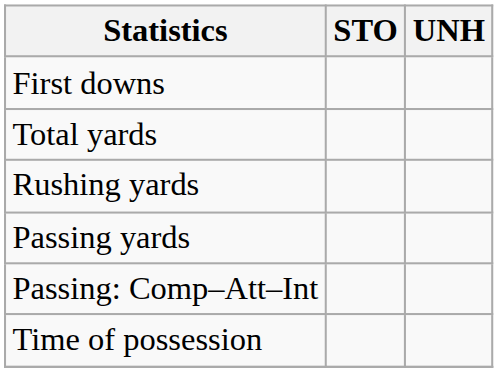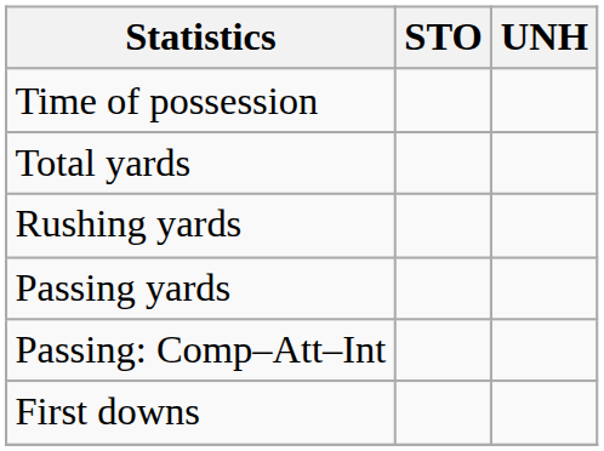 <table class="wikitable" style="float: left;">
 <tr>
 <th>Statistics</th>
 <th>STO</th>
 <th>UNH</th>
 </tr>
 <tr>
-<td>First downs</td>
+<td>Time of possession</td>
 <td></td>
 <td></td>
 </tr>
 <tr>
 <td>Total yards</td>
 <td></td>
 <td></td>
 </tr>
 <tr>
 <td>Rushing yards</td>
 <td></td>
 <td></td>
 </tr>
 <tr>
 <td>Passing yards</td>
 <td></td>
 <td></td>
 </tr>
 <tr>
 <td>Passing: Comp–Att–Int</td>
 <td></td>
 <td></td>
 </tr>
 <tr>
-<td>Time of possession</td>
+<td>First downs</td>
 <td></td>
 <td></td>
 </tr>
 <tr>
 </tr>
 </table>
